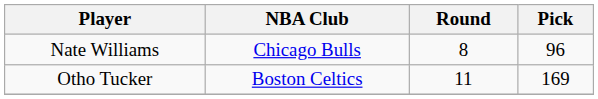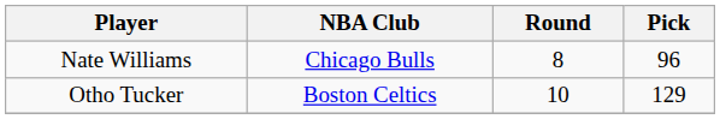 <table class="wikitable" width="500">
 <tr>
 <th>Player</th>
 <th>NBA Club</th>
 <th>Round</th>
 <th>Pick</th>
 </tr>
 <tr align="center" bgcolor="">
 <td>Nate Williams</td>
 <td><a href='#'>Chicago Bulls</a></td>
 <td>8</td>
 <td>96</td>
 </tr>
 <tr align="center" bgcolor="">
 <td>Otho Tucker</td>
 <td><a href='#'>Boston Celtics</a></td>
-<td>11</td>
-<td>169</td>
+<td>10</td>
+<td>129</td>
 </tr>
 <tr align="center" bgcolor="">
 </tr>
 </table>
